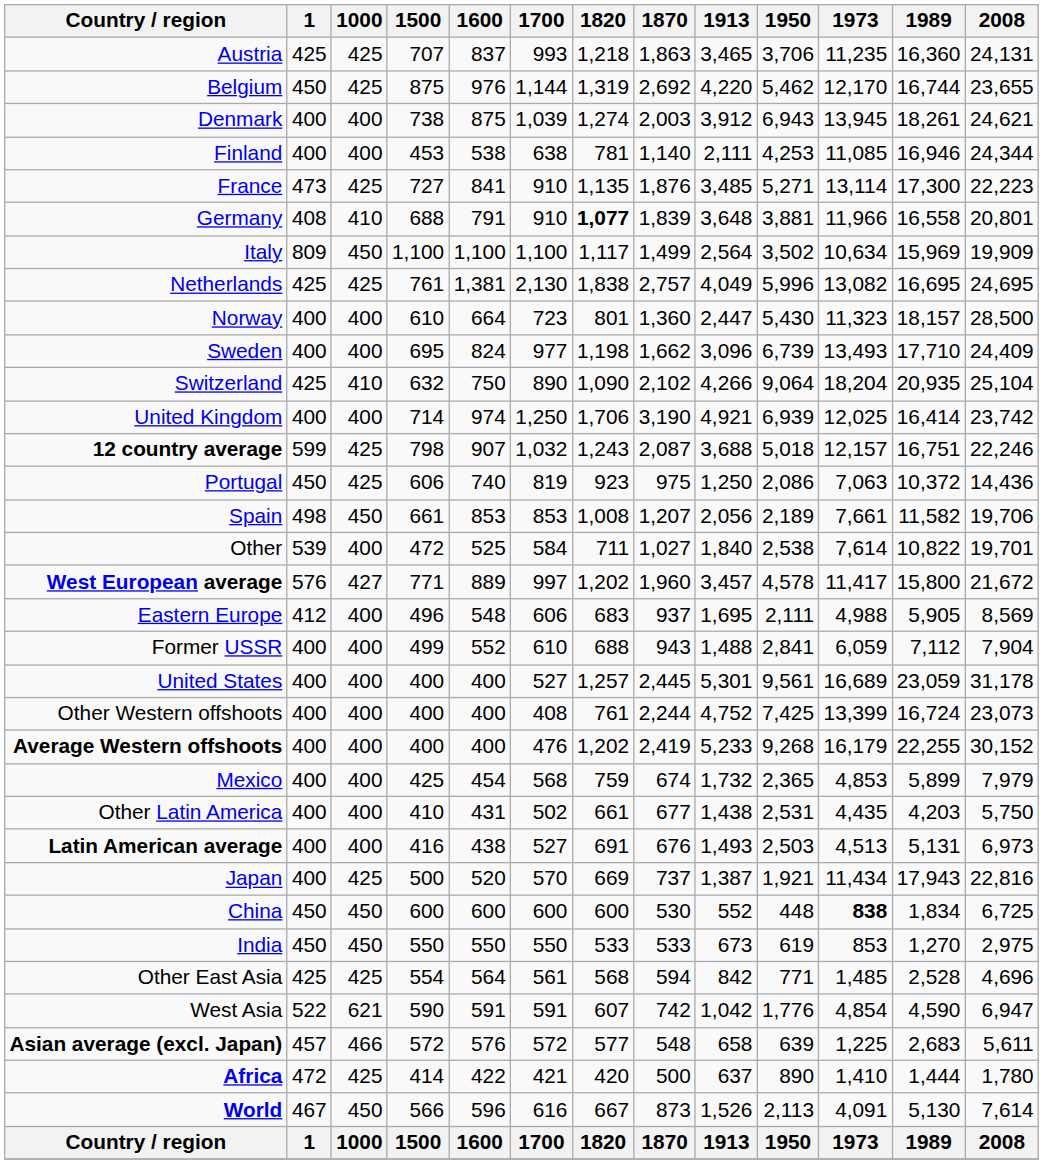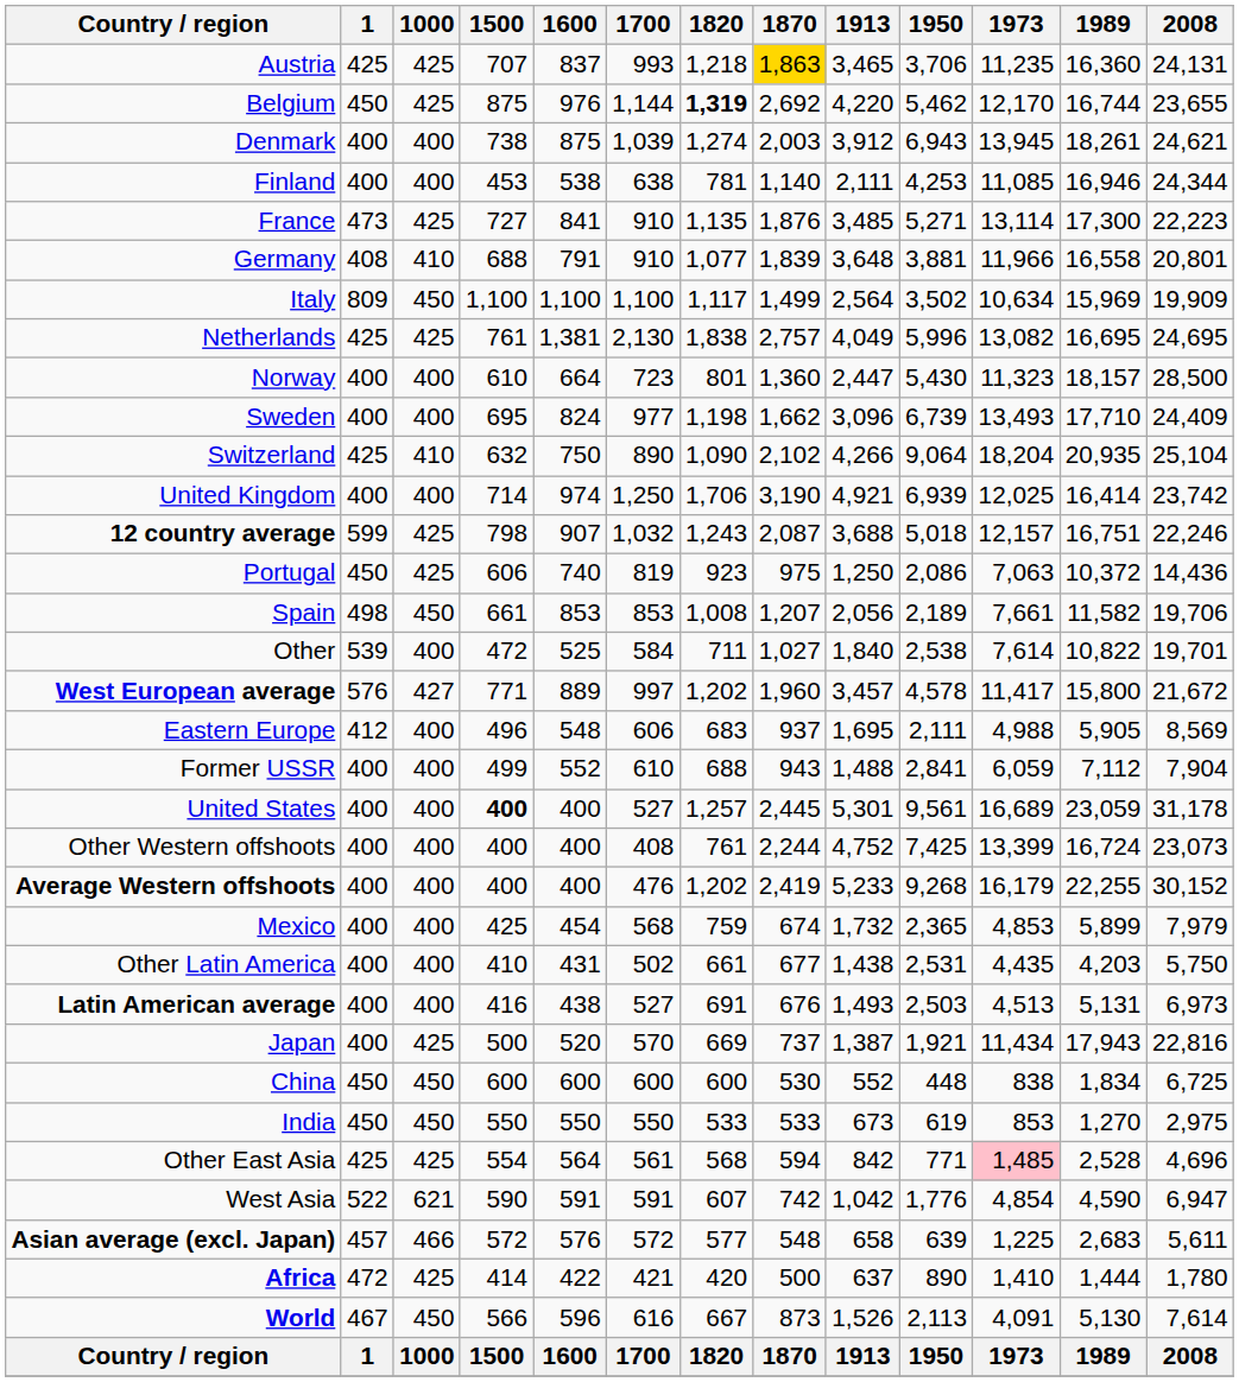 <table class="wikitable sortable" style="text-align: right;">
 <tr>
 <th>Country / region</th>
 <th>1</th>
 <th>1000</th>
 <th>1500</th>
 <th>1600</th>
 <th>1700</th>
 <th>1820</th>
 <th>1870</th>
 <th>1913</th>
 <th>1950</th>
 <th>1973</th>
 <th>1989</th>
 <th>2008</th>
 </tr>
 <tr>
 <td><a href='#'>Austria</a></td>
 <td>425</td>
 <td>425</td>
 <td>707</td>
 <td>837</td>
 <td>993</td>
 <td>1,218</td>
-<td>1,863</td>
+<td style="background: gold;">1,863</td>
 <td>3,465</td>
 <td>3,706</td>
 <td>11,235</td>
 <td>16,360</td>
 <td>24,131</td>
 </tr>
 <tr>
 <td><a href='#'>Belgium</a></td>
 <td>450</td>
 <td>425</td>
 <td>875</td>
 <td>976</td>
 <td>1,144</td>
-<td>1,319</td>
+<td><strong>1,319</strong></td>
 <td>2,692</td>
 <td>4,220</td>
 <td>5,462</td>
 <td>12,170</td>
 <td>16,744</td>
 <td>23,655</td>
 </tr>
 <tr>
 <td><a href='#'>Denmark</a></td>
 <td>400</td>
 <td>400</td>
 <td>738</td>
 <td>875</td>
 <td>1,039</td>
 <td>1,274</td>
 <td>2,003</td>
 <td>3,912</td>
 <td>6,943</td>
 <td>13,945</td>
 <td>18,261</td>
 <td>24,621</td>
 </tr>
 <tr>
 <td><a href='#'>Finland</a></td>
 <td>400</td>
 <td>400</td>
 <td>453</td>
 <td>538</td>
 <td>638</td>
 <td>781</td>
 <td>1,140</td>
 <td>2,111</td>
 <td>4,253</td>
 <td>11,085</td>
 <td>16,946</td>
 <td>24,344</td>
 </tr>
 <tr>
 <td><a href='#'>France</a></td>
 <td>473</td>
 <td>425</td>
 <td>727</td>
 <td>841</td>
 <td>910</td>
 <td>1,135</td>
 <td>1,876</td>
 <td>3,485</td>
 <td>5,271</td>
 <td>13,114</td>
 <td>17,300</td>
 <td>22,223</td>
 </tr>
 <tr>
 <td><a href='#'>Germany</a></td>
 <td>408</td>
 <td>410</td>
 <td>688</td>
 <td>791</td>
 <td>910</td>
-<td><strong>1,077</strong></td>
+<td>1,077</td>
 <td>1,839</td>
 <td>3,648</td>
 <td>3,881</td>
 <td>11,966</td>
 <td>16,558</td>
 <td>20,801</td>
 </tr>
 <tr>
 <td><a href='#'>Italy</a></td>
 <td>809</td>
 <td>450</td>
 <td>1,100</td>
 <td>1,100</td>
 <td>1,100</td>
 <td>1,117</td>
 <td>1,499</td>
 <td>2,564</td>
 <td>3,502</td>
 <td>10,634</td>
 <td>15,969</td>
 <td>19,909</td>
 </tr>
 <tr>
 <td><a href='#'>Netherlands</a></td>
 <td>425</td>
 <td>425</td>
 <td>761</td>
 <td>1,381</td>
 <td>2,130</td>
 <td>1,838</td>
 <td>2,757</td>
 <td>4,049</td>
 <td>5,996</td>
 <td>13,082</td>
 <td>16,695</td>
 <td>24,695</td>
 </tr>
 <tr>
 <td><a href='#'>Norway</a></td>
 <td>400</td>
 <td>400</td>
 <td>610</td>
 <td>664</td>
 <td>723</td>
 <td>801</td>
 <td>1,360</td>
 <td>2,447</td>
 <td>5,430</td>
 <td>11,323</td>
 <td>18,157</td>
 <td>28,500</td>
 </tr>
 <tr>
 <td><a href='#'>Sweden</a></td>
 <td>400</td>
 <td>400</td>
 <td>695</td>
 <td>824</td>
 <td>977</td>
 <td>1,198</td>
 <td>1,662</td>
 <td>3,096</td>
 <td>6,739</td>
 <td>13,493</td>
 <td>17,710</td>
 <td>24,409</td>
 </tr>
 <tr>
 <td><a href='#'>Switzerland</a></td>
 <td>425</td>
 <td>410</td>
 <td>632</td>
 <td>750</td>
 <td>890</td>
 <td>1,090</td>
 <td>2,102</td>
 <td>4,266</td>
 <td>9,064</td>
 <td>18,204</td>
 <td>20,935</td>
 <td>25,104</td>
 </tr>
 <tr>
 <td><a href='#'>United Kingdom</a></td>
 <td>400</td>
 <td>400</td>
 <td>714</td>
 <td>974</td>
 <td>1,250</td>
 <td>1,706</td>
 <td>3,190</td>
 <td>4,921</td>
 <td>6,939</td>
 <td>12,025</td>
 <td>16,414</td>
 <td>23,742</td>
 </tr>
 <tr>
 <td><strong>12 country average</strong></td>
 <td>599</td>
 <td>425</td>
 <td>798</td>
 <td>907</td>
 <td>1,032</td>
 <td>1,243</td>
 <td>2,087</td>
 <td>3,688</td>
 <td>5,018</td>
 <td>12,157</td>
 <td>16,751</td>
 <td>22,246</td>
 </tr>
 <tr>
 <td><a href='#'>Portugal</a></td>
 <td>450</td>
 <td>425</td>
 <td>606</td>
 <td>740</td>
 <td>819</td>
 <td>923</td>
 <td>975</td>
 <td>1,250</td>
 <td>2,086</td>
 <td>7,063</td>
 <td>10,372</td>
 <td>14,436</td>
 </tr>
 <tr>
 <td><a href='#'>Spain</a></td>
 <td>498</td>
 <td>450</td>
 <td>661</td>
 <td>853</td>
 <td>853</td>
 <td>1,008</td>
 <td>1,207</td>
 <td>2,056</td>
 <td>2,189</td>
 <td>7,661</td>
 <td>11,582</td>
 <td>19,706</td>
 </tr>
 <tr>
 <td>Other</td>
 <td>539</td>
 <td>400</td>
 <td>472</td>
 <td>525</td>
 <td>584</td>
 <td>711</td>
 <td>1,027</td>
 <td>1,840</td>
 <td>2,538</td>
 <td>7,614</td>
 <td>10,822</td>
 <td>19,701</td>
 </tr>
 <tr>
 <td><strong><a href='#'>West European</a> average</strong></td>
 <td>576</td>
 <td>427</td>
 <td>771</td>
 <td>889</td>
 <td>997</td>
 <td>1,202</td>
 <td>1,960</td>
 <td>3,457</td>
 <td>4,578</td>
 <td>11,417</td>
 <td>15,800</td>
 <td>21,672</td>
 </tr>
 <tr>
 <td><a href='#'>Eastern Europe</a></td>
 <td>412</td>
 <td>400</td>
 <td>496</td>
 <td>548</td>
 <td>606</td>
 <td>683</td>
 <td>937</td>
 <td>1,695</td>
 <td>2,111</td>
 <td>4,988</td>
 <td>5,905</td>
 <td>8,569</td>
 </tr>
 <tr>
 <td>Former <a href='#'>USSR</a></td>
 <td>400</td>
 <td>400</td>
 <td>499</td>
 <td>552</td>
 <td>610</td>
 <td>688</td>
 <td>943</td>
 <td>1,488</td>
 <td>2,841</td>
 <td>6,059</td>
 <td>7,112</td>
 <td>7,904</td>
 </tr>
 <tr>
 <td><a href='#'>United States</a></td>
 <td>400</td>
 <td>400</td>
-<td>400</td>
+<td><strong>400</strong></td>
 <td>400</td>
 <td>527</td>
 <td>1,257</td>
 <td>2,445</td>
 <td>5,301</td>
 <td>9,561</td>
 <td>16,689</td>
 <td>23,059</td>
 <td>31,178</td>
 </tr>
 <tr>
 <td>Other Western offshoots</td>
 <td>400</td>
 <td>400</td>
 <td>400</td>
 <td>400</td>
 <td>408</td>
 <td>761</td>
 <td>2,244</td>
 <td>4,752</td>
 <td>7,425</td>
 <td>13,399</td>
 <td>16,724</td>
 <td>23,073</td>
 </tr>
 <tr>
 <td><strong>Average Western offshoots</strong></td>
 <td>400</td>
 <td>400</td>
 <td>400</td>
 <td>400</td>
 <td>476</td>
 <td>1,202</td>
 <td>2,419</td>
 <td>5,233</td>
 <td>9,268</td>
 <td>16,179</td>
 <td>22,255</td>
 <td>30,152</td>
 </tr>
 <tr>
 <td><a href='#'>Mexico</a></td>
 <td>400</td>
 <td>400</td>
 <td>425</td>
 <td>454</td>
 <td>568</td>
 <td>759</td>
 <td>674</td>
 <td>1,732</td>
 <td>2,365</td>
 <td>4,853</td>
 <td>5,899</td>
 <td>7,979</td>
 </tr>
 <tr>
 <td>Other <a href='#'>Latin America</a></td>
 <td>400</td>
 <td>400</td>
 <td>410</td>
 <td>431</td>
 <td>502</td>
 <td>661</td>
 <td>677</td>
 <td>1,438</td>
 <td>2,531</td>
 <td>4,435</td>
 <td>4,203</td>
 <td>5,750</td>
 </tr>
 <tr>
 <td><strong>Latin American average</strong></td>
 <td>400</td>
 <td>400</td>
 <td>416</td>
 <td>438</td>
 <td>527</td>
 <td>691</td>
 <td>676</td>
 <td>1,493</td>
 <td>2,503</td>
 <td>4,513</td>
 <td>5,131</td>
 <td>6,973</td>
 </tr>
 <tr>
 <td><a href='#'>Japan</a></td>
 <td>400</td>
 <td>425</td>
 <td>500</td>
 <td>520</td>
 <td>570</td>
 <td>669</td>
 <td>737</td>
 <td>1,387</td>
 <td>1,921</td>
 <td>11,434</td>
 <td>17,943</td>
 <td>22,816</td>
 </tr>
 <tr>
 <td><a href='#'>China</a></td>
 <td>450</td>
 <td>450</td>
 <td>600</td>
 <td>600</td>
 <td>600</td>
 <td>600</td>
 <td>530</td>
 <td>552</td>
 <td>448</td>
-<td><strong>838</strong></td>
+<td>838</td>
 <td>1,834</td>
 <td>6,725</td>
 </tr>
 <tr>
 <td><a href='#'>India</a></td>
 <td>450</td>
 <td>450</td>
 <td>550</td>
 <td>550</td>
 <td>550</td>
 <td>533</td>
 <td>533</td>
 <td>673</td>
 <td>619</td>
 <td>853</td>
 <td>1,270</td>
 <td>2,975</td>
 </tr>
 <tr>
 <td>Other East Asia</td>
 <td>425</td>
 <td>425</td>
 <td>554</td>
 <td>564</td>
 <td>561</td>
 <td>568</td>
 <td>594</td>
 <td>842</td>
 <td>771</td>
-<td>1,485</td>
+<td style="background: pink;">1,485</td>
 <td>2,528</td>
 <td>4,696</td>
 </tr>
 <tr>
 <td>West Asia</td>
 <td>522</td>
 <td>621</td>
 <td>590</td>
 <td>591</td>
 <td>591</td>
 <td>607</td>
 <td>742</td>
 <td>1,042</td>
 <td>1,776</td>
 <td>4,854</td>
 <td>4,590</td>
 <td>6,947</td>
 </tr>
 <tr>
 <td><strong>Asian average (excl. Japan)</strong></td>
 <td>457</td>
 <td>466</td>
 <td>572</td>
 <td>576</td>
 <td>572</td>
 <td>577</td>
 <td>548</td>
 <td>658</td>
 <td>639</td>
 <td>1,225</td>
 <td>2,683</td>
 <td>5,611</td>
 </tr>
 <tr>
 <td><strong><a href='#'>Africa</a></strong></td>
 <td>472</td>
 <td>425</td>
 <td>414</td>
 <td>422</td>
 <td>421</td>
 <td>420</td>
 <td>500</td>
 <td>637</td>
 <td>890</td>
 <td>1,410</td>
 <td>1,444</td>
 <td>1,780</td>
 </tr>
 <tr>
 <td><strong><a href='#'>World</a></strong></td>
 <td>467</td>
 <td>450</td>
 <td>566</td>
 <td>596</td>
 <td>616</td>
 <td>667</td>
 <td>873</td>
 <td>1,526</td>
 <td>2,113</td>
 <td>4,091</td>
 <td>5,130</td>
 <td>7,614</td>
 </tr>
 <tr class="sortbottom">
 <th>Country / region</th>
 <th>1</th>
 <th>1000</th>
 <th>1500</th>
 <th>1600</th>
 <th>1700</th>
 <th>1820</th>
 <th>1870</th>
 <th>1913</th>
 <th>1950</th>
 <th>1973</th>
 <th>1989</th>
 <th>2008</th>
 </tr>
 <tr>
 </tr>
 </table>
